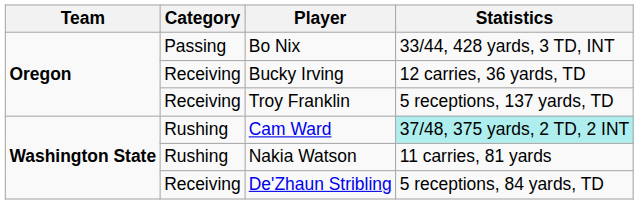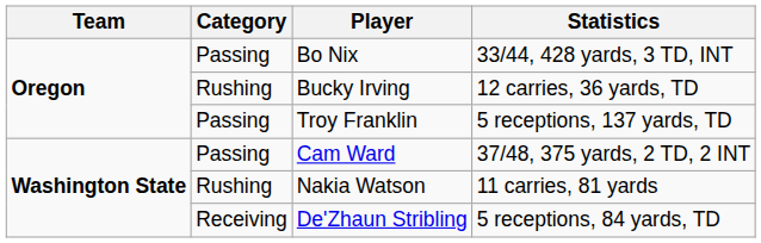 <table class="wikitable" style="float: right;">
 <tr>
 <th>Team</th>
 <th>Category</th>
 <th>Player</th>
 <th>Statistics</th>
 </tr>
 <tr>
 <td rowspan=3><strong>Oregon</strong></td>
 <td>Passing</td>
 <td>Bo Nix</td>
 <td>33/44, 428 yards, 3 TD, INT</td>
 </tr>
 <tr>
-<td>Receiving</td>
+<td>Rushing</td>
 <td>Bucky Irving</td>
 <td>12 carries, 36 yards, TD</td>
 </tr>
 <tr>
-<td>Receiving</td>
+<td>Passing</td>
 <td>Troy Franklin</td>
 <td>5 receptions, 137 yards, TD</td>
 </tr>
 <tr>
 <td rowspan=3><strong>Washington State</strong></td>
-<td>Rushing</td>
+<td>Passing</td>
 <td><a href='#'>Cam Ward</a></td>
-<td style="background: paleturquoise;">37/48, 375 yards, 2 TD, 2 INT</td>
+<td>37/48, 375 yards, 2 TD, 2 INT</td>
 </tr>
 <tr>
 <td>Rushing</td>
 <td>Nakia Watson</td>
 <td>11 carries, 81 yards</td>
 </tr>
 <tr>
 <td>Receiving</td>
 <td><a href='#'>De'Zhaun Stribling</a></td>
 <td>5 receptions, 84 yards, TD</td>
 </tr>
 </table>
